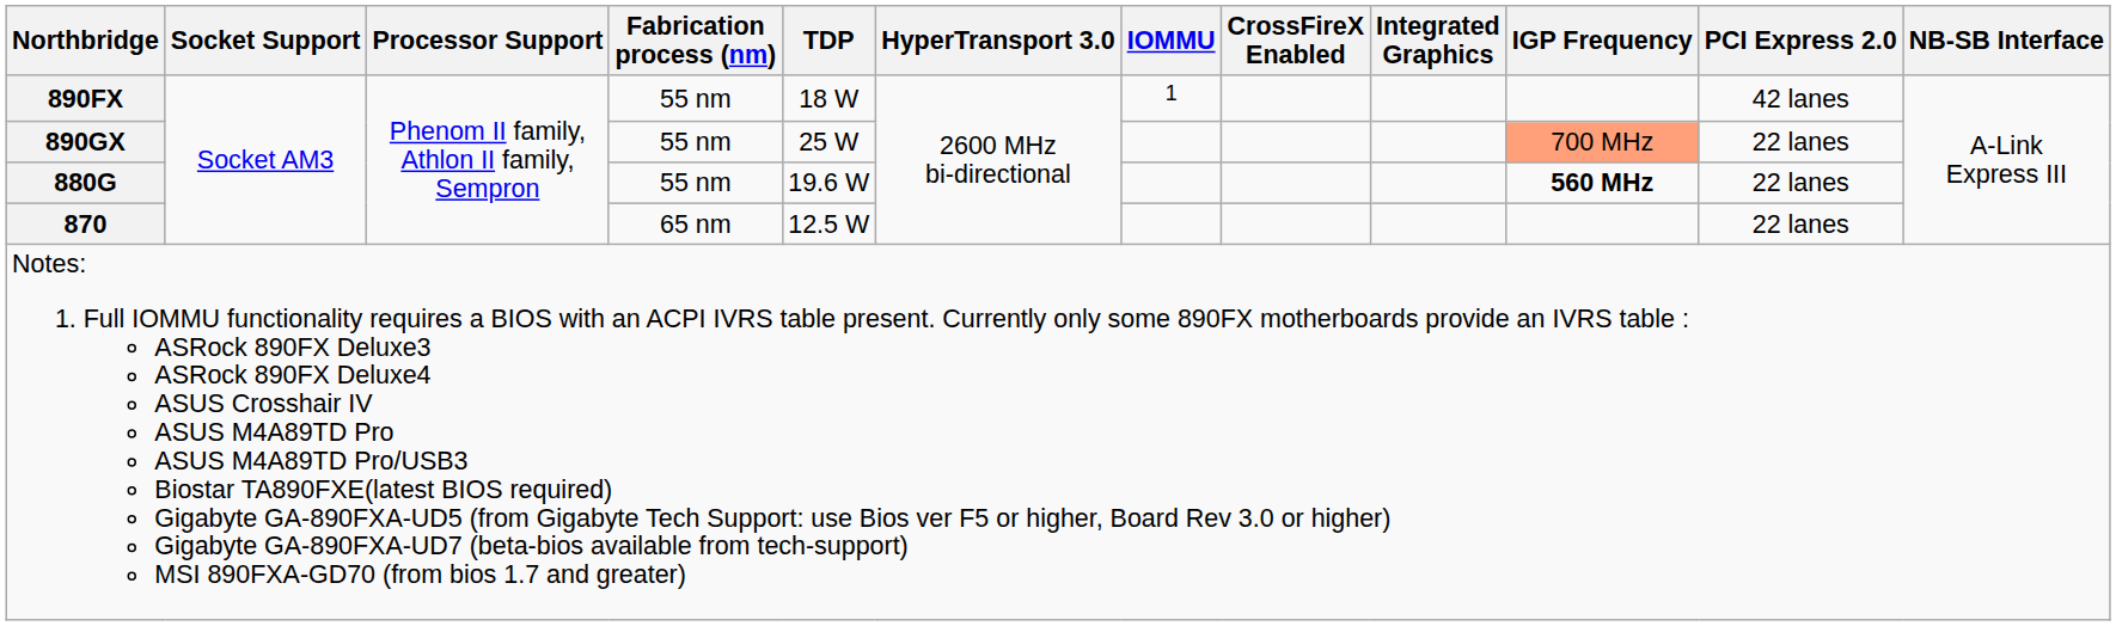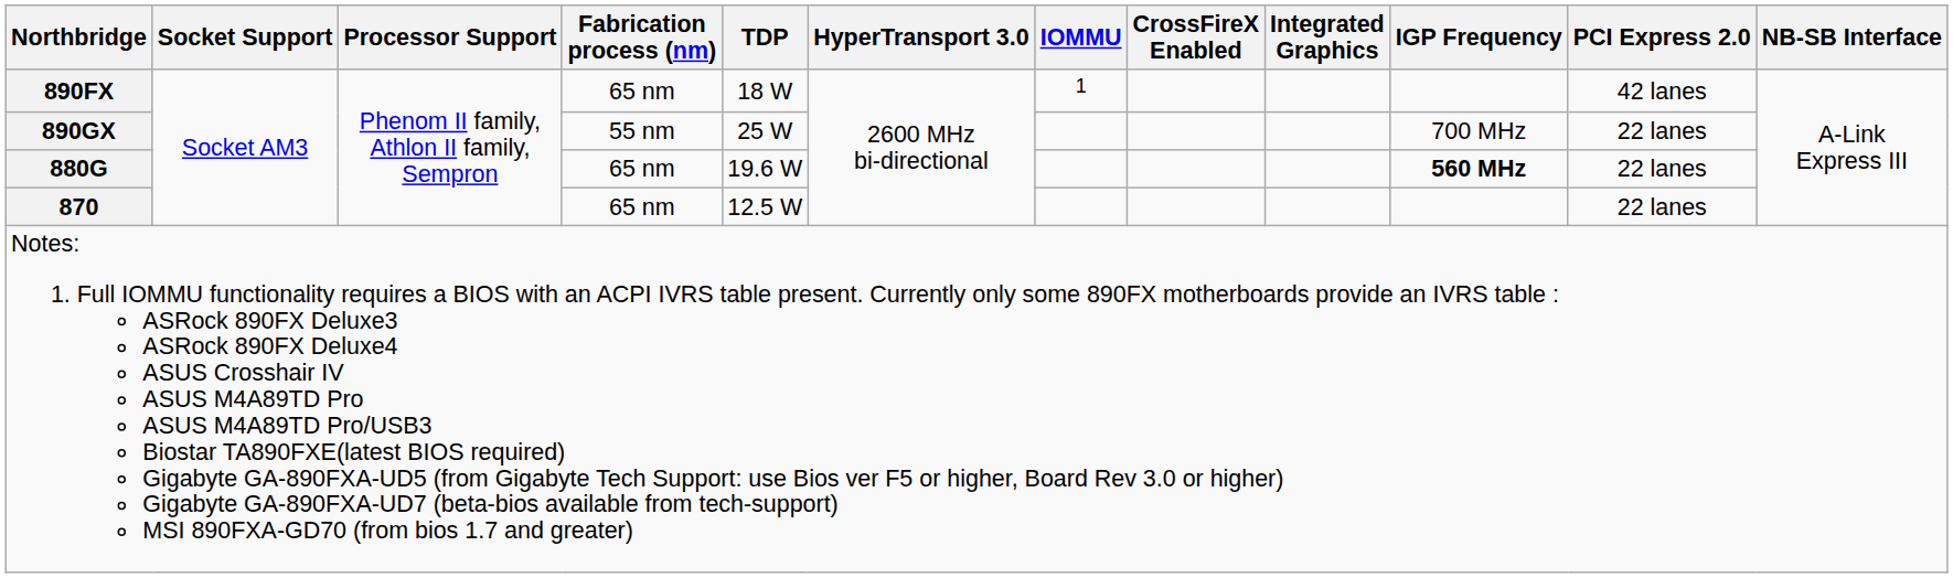 <table class="wikitable" style="margin:1em auto; font-size:90%;text-align:center;width:auto;">
 <tr>
 <th>Northbridge</th>
 <th>Socket Support</th>
 <th>Processor Support</th>
 <th>Fabrication<br>process (<a href='#'>nm</a>)</th>
 <th>TDP</th>
 <th>HyperTransport 3.0</th>
 <th><a href='#'>IOMMU</a></th>
 <th>CrossFireX<br>Enabled</th>
 <th>Integrated<br>Graphics</th>
 <th>IGP Frequency</th>
 <th>PCI Express 2.0</th>
 <th>NB-SB Interface</th>
 </tr>
 <tr>
 <th>890FX</th>
 <td rowspan="4"><a href='#'>Socket AM3</a></td>
 <td rowspan="4"><a href='#'>Phenom II</a> family,<br><a href='#'>Athlon II</a> family,<br><a href='#'>Sempron</a></td>
-<td>55 nm</td>
+<td>65 nm</td>
 <td>18 W</td>
 <td rowspan="4">2600 MHz<br>bi-directional</td>
 <td><sup>1</sup></td>
 <td></td>
 <td></td>
 <td></td>
 <td>42 lanes</td>
 <td rowspan="4">A-Link<br>Express III</td>
 </tr>
 <tr>
 <th>890GX</th>
 <td>55 nm</td>
 <td>25 W</td>
 <td></td>
 <td></td>
 <td></td>
-<td style="background: lightsalmon;">700 MHz</td>
+<td>700 MHz</td>
 <td>22 lanes</td>
 </tr>
 <tr>
 <th>880G</th>
-<td>55 nm</td>
+<td>65 nm</td>
 <td>19.6 W</td>
 <td></td>
 <td></td>
 <td></td>
 <td><strong>560 MHz</strong></td>
 <td>22 lanes</td>
 </tr>
 <tr>
 <th>870</th>
 <td>65 nm</td>
 <td>12.5 W</td>
 <td></td>
 <td></td>
 <td></td>
 <td></td>
 <td>22 lanes</td>
 </tr>
 <tr>
 <td colspan=12 align="left">Notes:<br><ol><li>Full IOMMU functionality requires a BIOS with an ACPI IVRS table present. Currently only some 890FX motherboards provide an IVRS table :<ul><li>ASRock 890FX Deluxe3</li><li>ASRock 890FX Deluxe4 </li><li>ASUS Crosshair IV</li><li>ASUS M4A89TD Pro</li><li>ASUS M4A89TD Pro/USB3</li><li>Biostar TA890FXE(latest BIOS required)</li><li>Gigabyte GA-890FXA-UD5 (from Gigabyte Tech Support: use Bios ver F5 or higher, Board Rev 3.0 or higher)</li><li>Gigabyte GA-890FXA-UD7 (beta-bios available from tech-support)</li><li>MSI 890FXA-GD70 (from bios 1.7 and greater)</li></ul></li></ol></td>
 </tr>
 </table>
